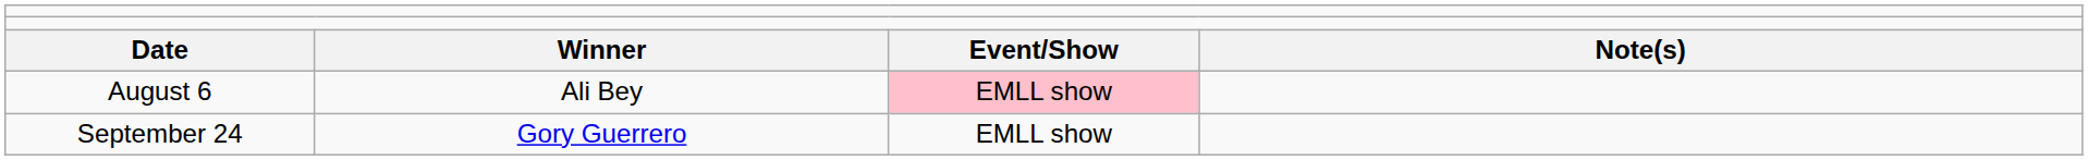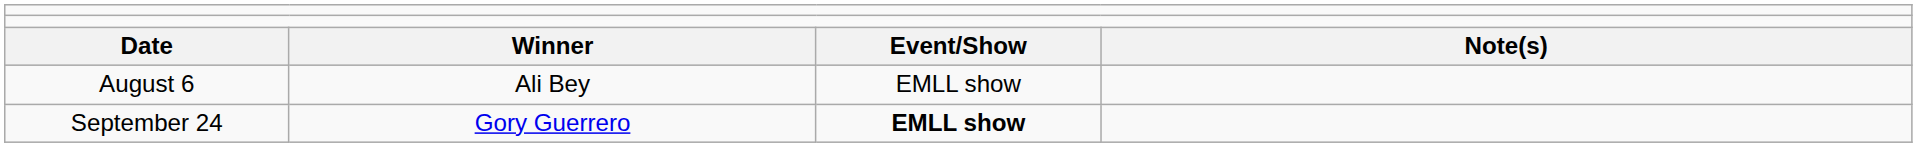 <table class="wikitable" style="text-align:center; width:100%;">
 <tr>
 <td colspan=5></td>
 </tr>
 <tr>
 <td colspan=5><strong></strong></td>
 </tr>
 <tr>
 <th width=14%>Date</th>
 <th width=26%>Winner</th>
 <th width=14%>Event/Show</th>
 <th width=40%>Note(s)</th>
 </tr>
 <tr>
 <td>August 6</td>
 <td>Ali Bey</td>
-<td style="background: pink;">EMLL show</td>
+<td>EMLL show</td>
 <td align=left></td>
 </tr>
 <tr>
 <td>September 24</td>
 <td><a href='#'>Gory Guerrero</a></td>
-<td>EMLL show</td>
+<td><strong>EMLL show</strong></td>
 <td align=left></td>
 </tr>
 </table>
